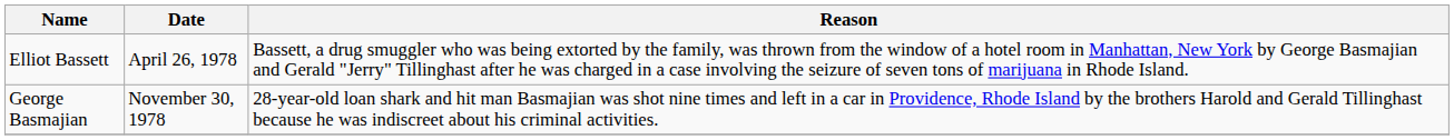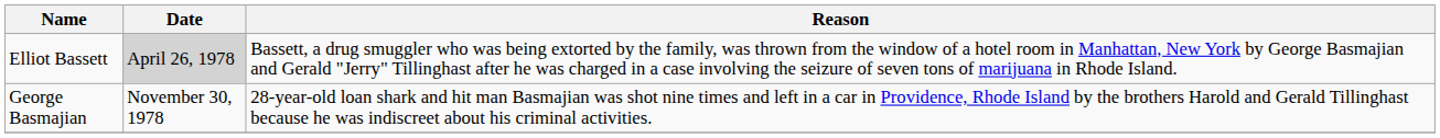 <table border="1" class="wikitable">
 <tr>
 <th>Name</th>
 <th>Date</th>
 <th>Reason</th>
 </tr>
 <tr>
 <td>Elliot Bassett</td>
-<td>April 26, 1978</td>
+<td style="background: lightgrey;">April 26, 1978</td>
 <td>Bassett, a drug smuggler who was being extorted by the family, was thrown from the window of a hotel room in <a href='#'>Manhattan, New York</a> by George Basmajian and Gerald "Jerry" Tillinghast after he was charged in a case involving the seizure of seven tons of <a href='#'>marijuana</a> in Rhode Island.</td>
 </tr>
 <tr>
 <td>George Basmajian</td>
 <td>November 30, 1978</td>
 <td>28-year-old loan shark and hit man Basmajian was shot nine times and left in a car in <a href='#'>Providence, Rhode Island</a> by the brothers Harold and Gerald Tillinghast because he was indiscreet about his criminal activities.</td>
 </tr>
 <tr>
 </tr>
 </table>
